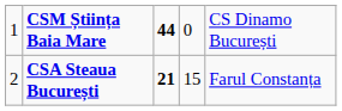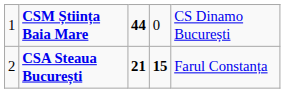 <table class="wikitable gauche" cellpadding="0" cellspacing="0" style="font-size:90%;">
 <tr>
 <td>1</td>
 <td width="100px"><strong><a href='#'>CSM Știința Baia Mare</a></strong></td>
 <td><strong>44</strong></td>
 <td>0</td>
 <td width="100px"><a href='#'>CS Dinamo București</a></td>
 </tr>
 <tr>
 <td>2</td>
 <td><strong><a href='#'>CSA Steaua București</a></strong></td>
 <td><strong>21</strong></td>
-<td>15</td>
+<td><strong>15</strong></td>
 <td><a href='#'>Farul Constanța</a></td>
 </tr>
 </table>
